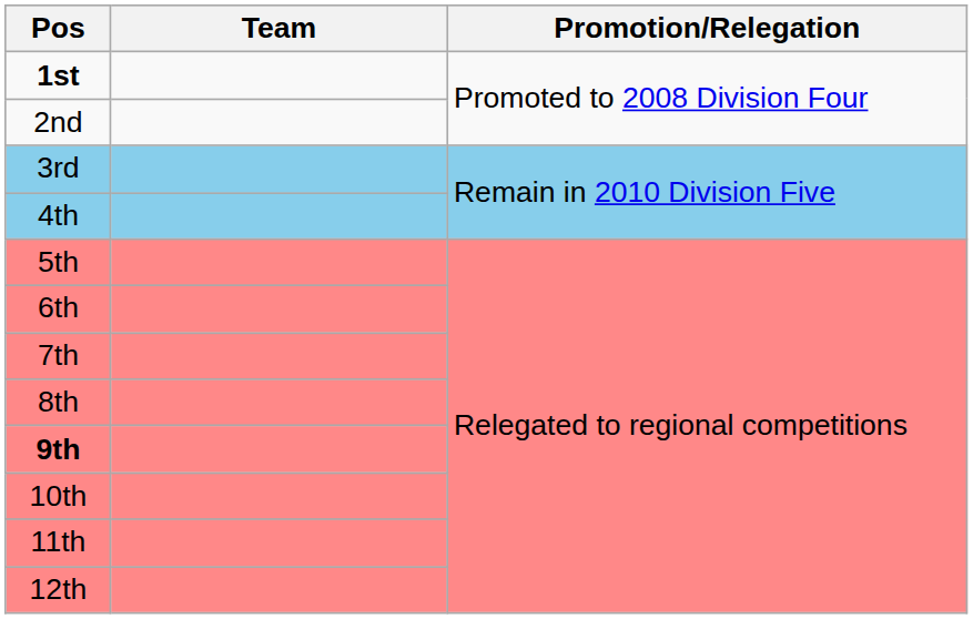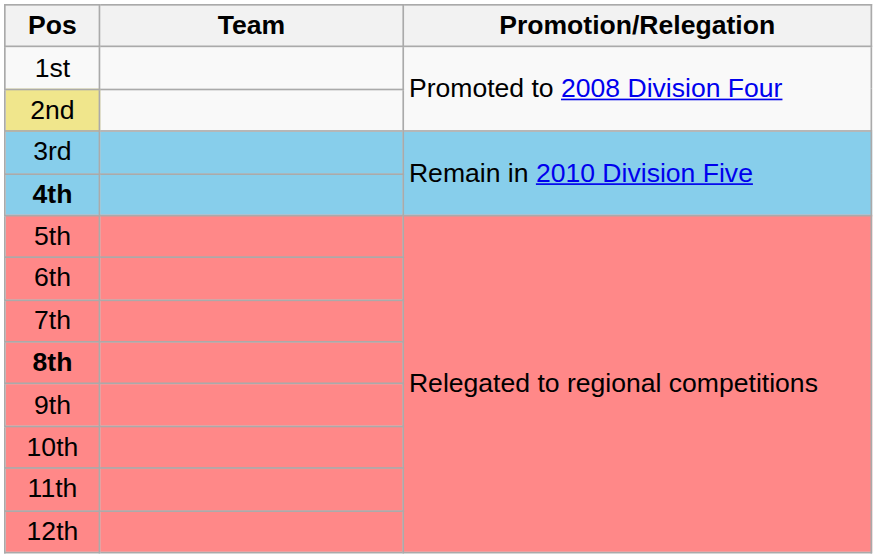 <table class="wikitable">
 <tr>
 <th width=50>Pos</th>
 <th width=175>Team</th>
 <th width=275>Promotion/Relegation</th>
 </tr>
 <tr style="background:b6fcb6;">
-<td align="center"><strong>1st</strong></td>
+<td align="center">1st</td>
 <td></td>
 <td rowspan=2>Promoted to <a href='#'>2008 Division Four</a></td>
 </tr>
 <tr>
-<td align="center">2nd</td>
+<td align="center" style="background: khaki;">2nd</td>
 <td></td>
 </tr>
 <tr style="background:skyblue">
 <td align="center">3rd</td>
 <td></td>
 <td rowspan=2>Remain in <a href='#'>2010 Division Five</a></td>
 </tr>
 <tr style="background:skyblue">
-<td align="center">4th</td>
+<td align="center"><strong>4th</strong></td>
 <td></td>
 </tr>
 <tr style="background:#FF8888;">
 <td align="center">5th</td>
 <td></td>
 <td rowspan=8>Relegated to regional competitions</td>
 </tr>
 <tr style="background:#FF8888;">
 <td align="center">6th</td>
 <td></td>
 </tr>
 <tr style="background:#FF8888;">
 <td align="center">7th</td>
 <td></td>
 </tr>
 <tr style="background:#FF8888;">
-<td align="center">8th</td>
+<td align="center"><strong>8th</strong></td>
 <td></td>
 </tr>
 <tr style="background:#FF8888;">
-<td align="center"><strong>9th</strong></td>
+<td align="center">9th</td>
 <td></td>
 </tr>
 <tr style="background:#FF8888;">
 <td align="center">10th</td>
 <td></td>
 </tr>
 <tr style="background:#FF8888;">
 <td align="center">11th</td>
 <td></td>
 </tr>
 <tr style="background:#FF8888;">
 <td align="center">12th</td>
 <td></td>
 </tr>
 </table>
